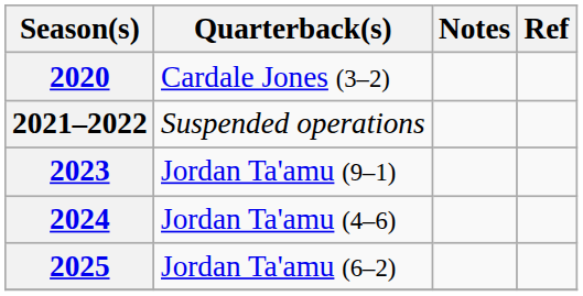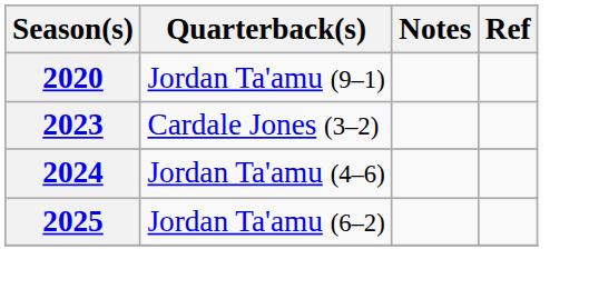 <table class="wikitable plainrowheaders">
 <tr>
 <th>Season(s)</th>
 <th>Quarterback(s)</th>
 <th>Notes</th>
 <th>Ref</th>
 </tr>
 <tr>
 <th scope="row"><a href='#'>2020</a></th>
-<td><a href='#'>Cardale Jones</a> <small>(3–2)</small></td>
-<td></td>
-<td></td>
-</tr>
-<tr>
-<th scope="row">2021–2022</th>
-<td><em>Suspended operations</em></td>
+<td><a href='#'>Jordan Ta'amu</a> <small>(9–1)</small></td>
 <td></td>
 <td></td>
 </tr>
 <tr>
 <th scope="row"><a href='#'>2023</a></th>
-<td><a href='#'>Jordan Ta'amu</a> <small>(9–1)</small></td>
+<td><a href='#'>Cardale Jones</a> <small>(3–2)</small></td>
 <td></td>
 <td></td>
 </tr>
 <tr>
 <th scope="row"><a href='#'>2024</a></th>
 <td><a href='#'>Jordan Ta'amu</a> <small>(4–6)</small></td>
 <td></td>
 <td></td>
 </tr>
 <tr>
 <th scope="row"><a href='#'>2025</a></th>
 <td><a href='#'>Jordan Ta'amu</a> <small>(6–2)</small></td>
 <td></td>
 <td></td>
 </tr>
 <tr>
 </tr>
 </table>
